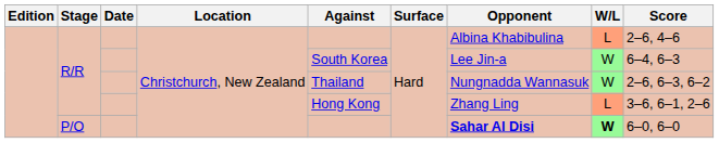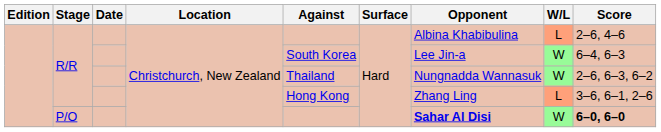 <table class=wikitable style=font-size:97%>
 <tr>
 <th>Edition</th>
 <th>Stage</th>
 <th>Date</th>
 <th>Location</th>
 <th>Against</th>
 <th>Surface</th>
 <th>Opponent</th>
 <th>W/L</th>
 <th>Score</th>
 </tr>
 <tr bgcolor="#EBC2AF">
 <td rowspan="5"></td>
 <td rowspan="4"><a href='#'>R/R</a></td>
 <td></td>
 <td rowspan="5"><a href='#'>Christchurch</a>, New Zealand</td>
 <td> </td>
 <td rowspan="5">Hard</td>
 <td> <a href='#'>Albina Khabibulina</a></td>
 <td style="text-align:center; background:#ffa07a;">L</td>
 <td>2–6, 4–6</td>
 </tr>
 <tr bgcolor="#EBC2AF">
 <td></td>
 <td> <a href='#'>South Korea</a></td>
 <td> <a href='#'>Lee Jin-a</a></td>
 <td style="text-align:center; background:#98fb98;">W</td>
 <td>6–4, 6–3</td>
 </tr>
 <tr bgcolor="#EBC2AF">
 <td></td>
 <td> <a href='#'>Thailand</a></td>
 <td> <a href='#'>Nungnadda Wannasuk</a></td>
 <td style="text-align:center; background:#98fb98;">W</td>
 <td>2–6, 6–3, 6–2</td>
 </tr>
 <tr bgcolor="#EBC2AF">
 <td></td>
 <td> <a href='#'>Hong Kong</a></td>
 <td> <a href='#'>Zhang Ling</a></td>
 <td style="text-align:center; background:#ffa07a;">L</td>
 <td>3–6, 6–1, 2–6</td>
 </tr>
 <tr bgcolor="#EBC2AF">
 <td rowspan="1"><a href='#'>P/O</a></td>
 <td></td>
 <td {{nowrap> </td>
 <td><strong> <a href='#'>Sahar Al Disi</a></strong></td>
-<td style="text-align:center; background:#98fb98;"><strong>W</strong></td>
-<td>6–0, 6–0</td>
+<td style="text-align:center; background:#98fb98;">W</td>
+<td><strong>6–0, 6–0</strong></td>
 </tr>
 </table>
